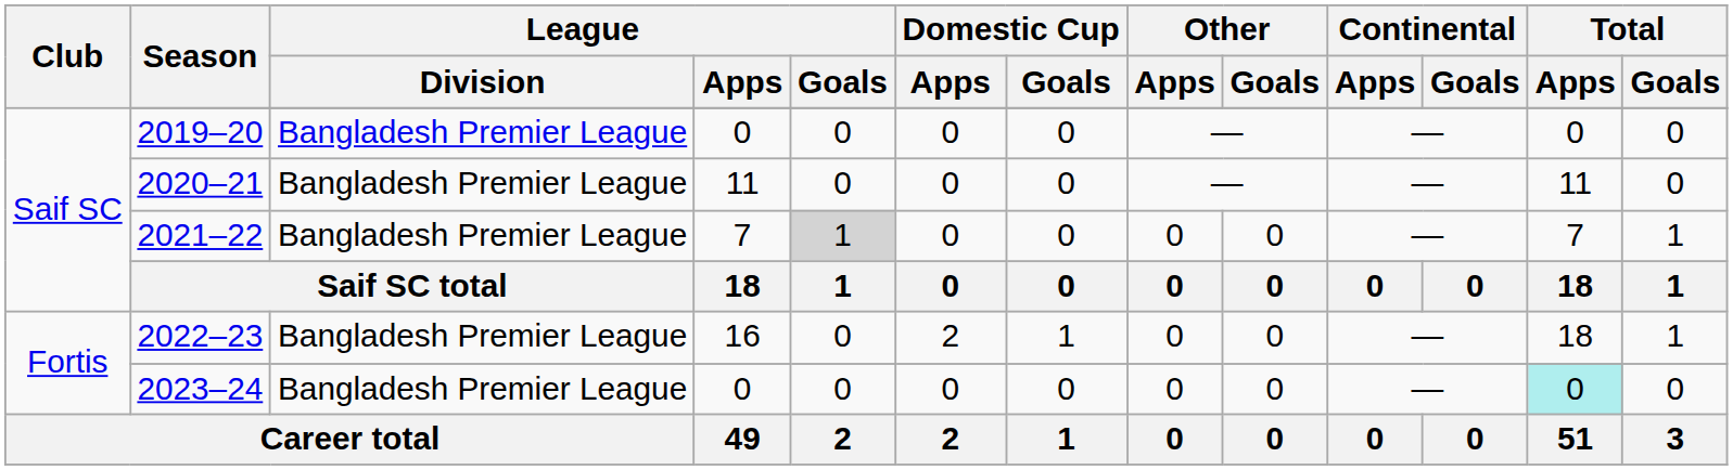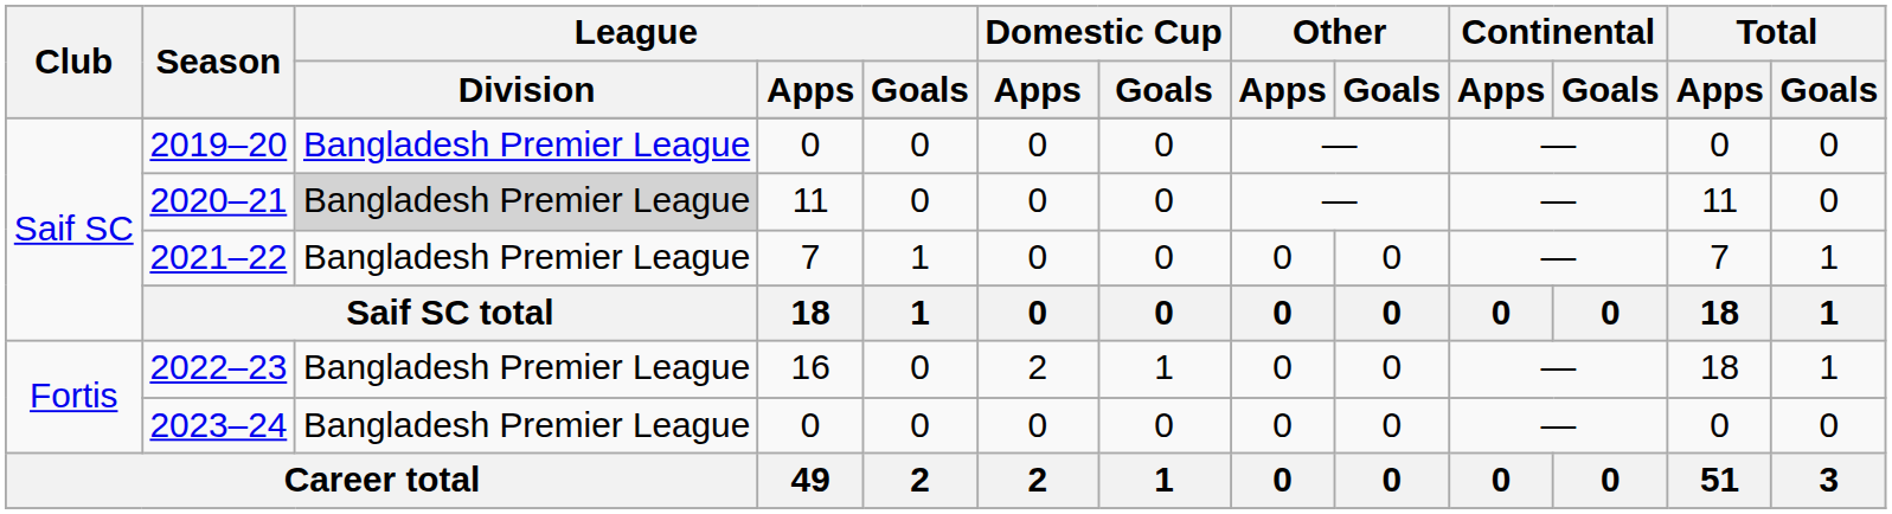 <table class="wikitable" style="text-align: center;">
 <tr>
 <th rowspan="2">Club</th>
 <th rowspan="2">Season</th>
 <th colspan="3">League</th>
 <th colspan="2">Domestic Cup</th>
 <th colspan="2">Other</th>
 <th colspan="2">Continental</th>
 <th colspan="2">Total</th>
 </tr>
 <tr>
 <th>Division</th>
 <th>Apps</th>
 <th>Goals</th>
 <th>Apps</th>
 <th>Goals</th>
 <th>Apps</th>
 <th>Goals</th>
 <th>Apps</th>
 <th>Goals</th>
 <th>Apps</th>
 <th>Goals</th>
 </tr>
 <tr>
 <td rowspan="5"><a href='#'>Saif SC</a></td>
 </tr>
 <tr>
 <td><a href='#'>2019–20</a></td>
 <td><a href='#'>Bangladesh Premier League</a></td>
 <td>0</td>
 <td>0</td>
 <td>0</td>
 <td>0</td>
 <td colspan="2">—</td>
 <td colspan="2">—</td>
 <td>0</td>
 <td>0</td>
 </tr>
 <tr>
 <td><a href='#'>2020–21</a></td>
-<td>Bangladesh Premier League</td>
+<td style="background: lightgrey;">Bangladesh Premier League</td>
 <td>11</td>
 <td>0</td>
 <td>0</td>
 <td>0</td>
 <td colspan="2">—</td>
 <td colspan="2">—</td>
 <td>11</td>
 <td>0</td>
 </tr>
 <tr>
 <td><a href='#'>2021–22</a></td>
 <td>Bangladesh Premier League</td>
 <td>7</td>
-<td style="background: lightgrey;">1</td>
+<td>1</td>
 <td>0</td>
 <td>0</td>
 <td>0</td>
 <td>0</td>
 <td colspan="2">—</td>
 <td>7</td>
 <td>1</td>
 </tr>
 <tr>
 <th colspan="2"><strong>Saif SC total</strong></th>
 <th>18</th>
 <th>1</th>
 <th>0</th>
 <th>0</th>
 <th>0</th>
 <th>0</th>
 <th>0</th>
 <th>0</th>
 <th>18</th>
 <th>1</th>
 </tr>
 <tr>
 <td rowspan=2><a href='#'>Fortis</a></td>
 <td><a href='#'>2022–23</a></td>
 <td>Bangladesh Premier League</td>
 <td>16</td>
 <td>0</td>
 <td>2</td>
 <td>1</td>
 <td>0</td>
 <td>0</td>
 <td colspan="2">—</td>
 <td>18</td>
 <td>1</td>
 </tr>
 <tr>
 <td><a href='#'>2023–24</a></td>
 <td>Bangladesh Premier League</td>
 <td>0</td>
 <td>0</td>
 <td>0</td>
 <td>0</td>
 <td>0</td>
 <td>0</td>
 <td colspan="2">—</td>
-<td style="background: paleturquoise;">0</td>
+<td>0</td>
 <td>0</td>
 </tr>
 <tr>
 <th colspan="3"><strong>Career total</strong></th>
 <th>49</th>
 <th>2</th>
 <th>2</th>
 <th>1</th>
 <th>0</th>
 <th>0</th>
 <th>0</th>
 <th>0</th>
 <th>51</th>
 <th>3</th>
 </tr>
 </table>
